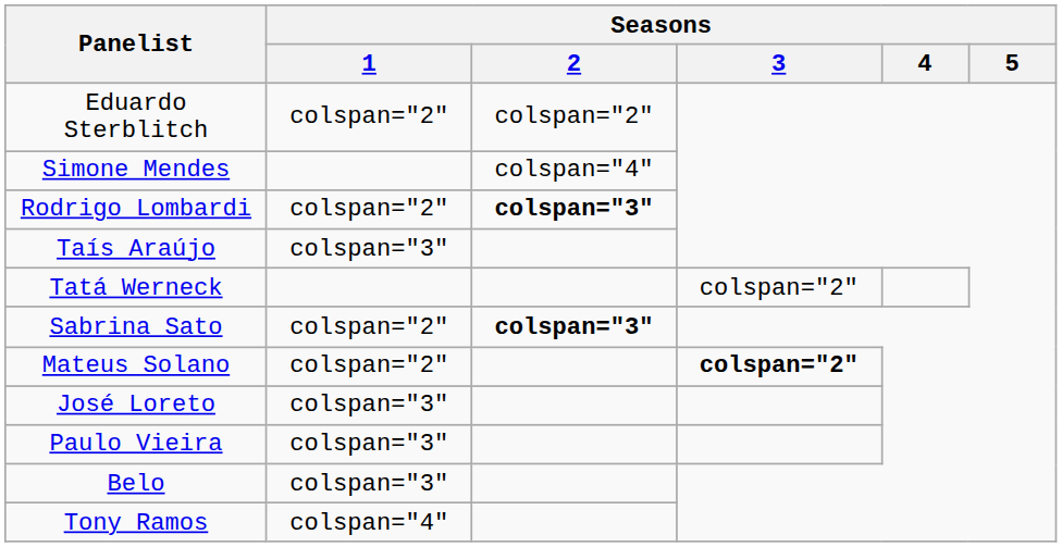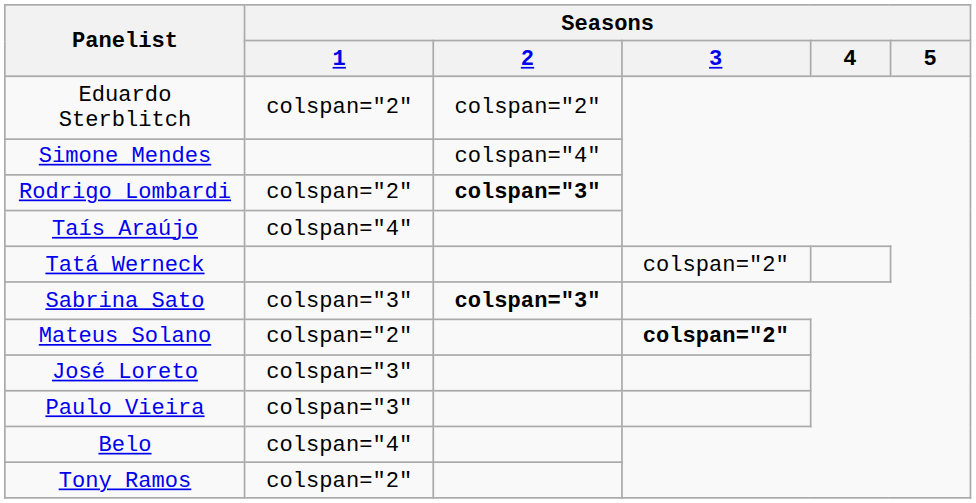 <table class="wikitable" style="text-align:center; width:45%">
 <tr>
 <th rowspan=2 width="15%">Panelist</th>
 <th colspan=5>Seasons</th>
 </tr>
 <tr>
 <th width="5%"><a href='#'>1</a></th>
 <th width="5%"><a href='#'>2</a></th>
 <th width="5%"><a href='#'>3</a></th>
 <th width="5%">4</th>
 <th width="5%">5</th>
 </tr>
 <tr>
 <td>Eduardo Sterblitch</td>
 <td>colspan="2" </td>
 <td>colspan="2" </td>
 </tr>
 <tr>
 <td><a href='#'>Simone Mendes</a></td>
 <td></td>
 <td>colspan="4" </td>
 </tr>
 <tr>
 <td><a href='#'>Rodrigo Lombardi</a></td>
 <td>colspan="2" </td>
 <td><strong>colspan="3" </strong></td>
 </tr>
 <tr>
 <td><a href='#'>Taís Araújo</a></td>
-<td>colspan="3" </td>
+<td>colspan="4" </td>
 <td></td>
 </tr>
 <tr>
 <td><a href='#'>Tatá Werneck</a></td>
 <td></td>
 <td></td>
 <td>colspan="2" </td>
 <td></td>
 </tr>
 <tr>
 <td><a href='#'>Sabrina Sato</a></td>
-<td>colspan="2" </td>
+<td>colspan="3" </td>
 <td><strong>colspan="3" </strong></td>
 </tr>
 <tr>
 <td><a href='#'>Mateus Solano</a></td>
 <td>colspan="2" </td>
 <td></td>
 <td><strong>colspan="2" </strong></td>
 </tr>
 <tr>
 <td><a href='#'>José Loreto</a></td>
 <td>colspan="3" </td>
 <td></td>
 <td></td>
 </tr>
 <tr>
 <td><a href='#'>Paulo Vieira</a></td>
 <td>colspan="3" </td>
 <td></td>
 <td></td>
 </tr>
 <tr>
 <td><a href='#'>Belo</a></td>
-<td>colspan="3" </td>
+<td>colspan="4" </td>
 <td></td>
 </tr>
 <tr>
 <td><a href='#'>Tony Ramos</a></td>
-<td>colspan="4" </td>
+<td>colspan="2" </td>
 <td></td>
 </tr>
 </table>
